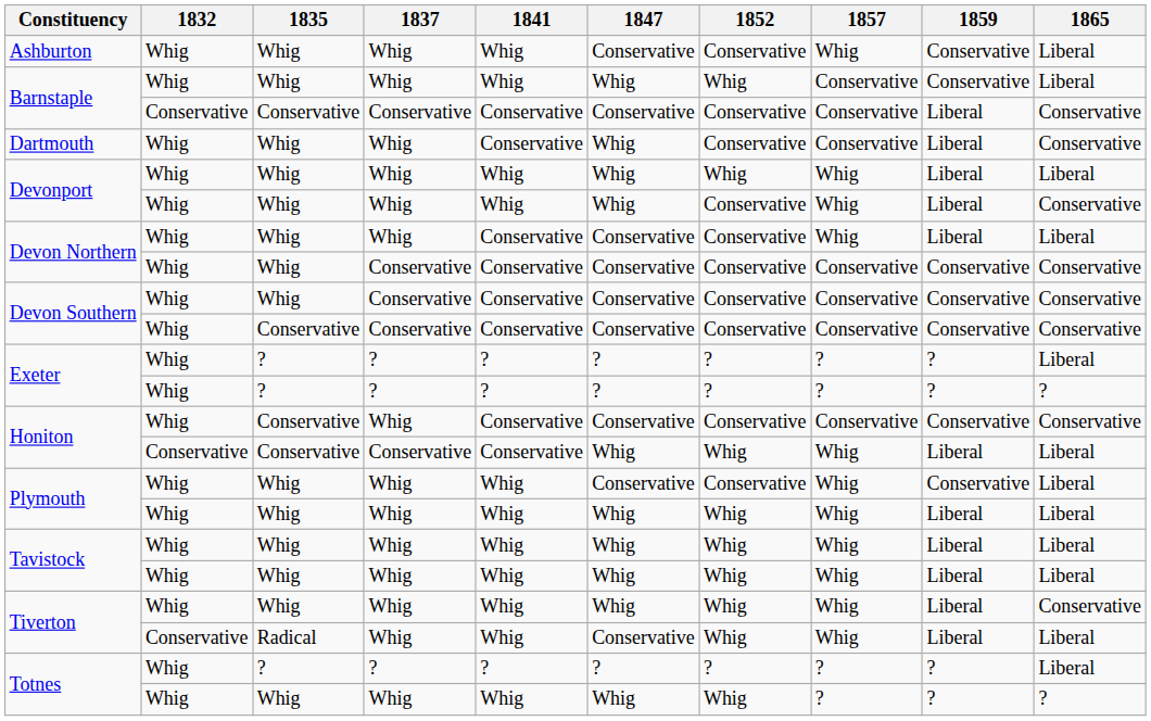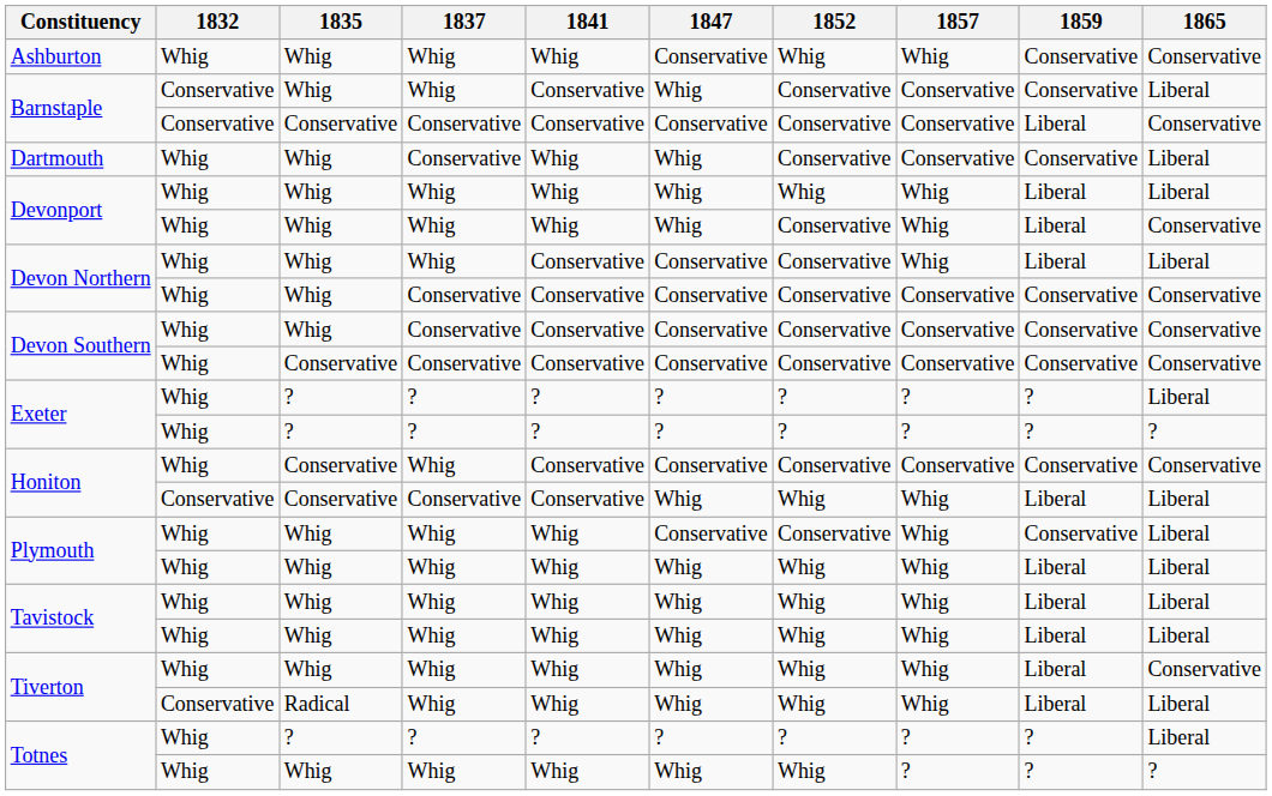 <table class=wikitable sortable>
 <tr>
 <th>Constituency</th>
 <th>1832</th>
 <th>1835</th>
 <th>1837</th>
 <th>1841</th>
 <th>1847</th>
 <th>1852</th>
 <th>1857</th>
 <th>1859</th>
 <th>1865</th>
 </tr>
 <tr>
 <td><a href='#'>Ashburton</a></td>
 <td bgcolor=>Whig</td>
 <td bgcolor=>Whig</td>
 <td bgcolor=>Whig</td>
 <td bgcolor=>Whig</td>
 <td bgcolor=>Conservative</td>
+<td bgcolor=>Whig</td>
+<td bgcolor=>Whig</td>
+<td bgcolor=>Conservative</td>
+<td bgcolor=>Conservative</td>
+</tr>
+<tr>
+<td rowspan=2><a href='#'>Barnstaple</a></td>
+<td bgcolor=>Conservative</td>
+<td bgcolor=>Whig</td>
+<td bgcolor=>Whig</td>
 <td bgcolor=>Conservative</td>
 <td bgcolor=>Whig</td>
 <td bgcolor=>Conservative</td>
-<td bgcolor=>Liberal</td>
-</tr>
-<tr>
-<td rowspan=2><a href='#'>Barnstaple</a></td>
-<td bgcolor=>Whig</td>
-<td bgcolor=>Whig</td>
-<td bgcolor=>Whig</td>
-<td bgcolor=>Whig</td>
-<td bgcolor=>Whig</td>
-<td bgcolor=>Whig</td>
 <td bgcolor=>Conservative</td>
 <td bgcolor=>Conservative</td>
 <td bgcolor=>Liberal</td>
 </tr>
 <tr>
 <td bgcolor=>Conservative</td>
 <td bgcolor=>Conservative</td>
 <td bgcolor=>Conservative</td>
 <td bgcolor=>Conservative</td>
 <td bgcolor=>Conservative</td>
 <td bgcolor=>Conservative</td>
 <td bgcolor=>Conservative</td>
 <td bgcolor=>Liberal</td>
 <td bgcolor=>Conservative</td>
 </tr>
 <tr>
 <td><a href='#'>Dartmouth</a></td>
 <td bgcolor=>Whig</td>
 <td bgcolor=>Whig</td>
+<td bgcolor=>Conservative</td>
 <td bgcolor=>Whig</td>
-<td bgcolor=>Conservative</td>
 <td bgcolor=>Whig</td>
 <td bgcolor=>Conservative</td>
 <td bgcolor=>Conservative</td>
+<td>Conservative</td>
 <td bgcolor=>Liberal</td>
-<td bgcolor=>Conservative</td>
 </tr>
 <tr>
 <td rowspan=2><a href='#'>Devonport</a></td>
 <td bgcolor=>Whig</td>
 <td bgcolor=>Whig</td>
 <td bgcolor=>Whig</td>
 <td bgcolor=>Whig</td>
 <td bgcolor=>Whig</td>
 <td bgcolor=>Whig</td>
 <td bgcolor=>Whig</td>
 <td bgcolor=>Liberal</td>
 <td bgcolor=>Liberal</td>
 </tr>
 <tr>
 <td bgcolor=>Whig</td>
 <td bgcolor=>Whig</td>
 <td bgcolor=>Whig</td>
 <td bgcolor=>Whig</td>
 <td bgcolor=>Whig</td>
 <td bgcolor=>Conservative</td>
 <td bgcolor=>Whig</td>
 <td bgcolor=>Liberal</td>
 <td bgcolor=>Conservative</td>
 </tr>
 <tr>
 <td rowspan=2><a href='#'>Devon Northern</a></td>
 <td bgcolor=>Whig</td>
 <td bgcolor=>Whig</td>
 <td bgcolor=>Whig</td>
 <td bgcolor=>Conservative</td>
 <td bgcolor=>Conservative</td>
 <td bgcolor=>Conservative</td>
 <td bgcolor=>Whig</td>
 <td bgcolor=>Liberal</td>
 <td bgcolor=>Liberal</td>
 </tr>
 <tr>
 <td bgcolor=>Whig</td>
 <td bgcolor=>Whig</td>
 <td bgcolor=>Conservative</td>
 <td bgcolor=>Conservative</td>
 <td bgcolor=>Conservative</td>
 <td bgcolor=>Conservative</td>
 <td bgcolor=>Conservative</td>
 <td bgcolor=>Conservative</td>
 <td bgcolor=>Conservative</td>
 </tr>
 <tr>
 <td rowspan=2><a href='#'>Devon Southern</a></td>
 <td bgcolor=>Whig</td>
 <td bgcolor=>Whig</td>
 <td bgcolor=>Conservative</td>
 <td bgcolor=>Conservative</td>
 <td bgcolor=>Conservative</td>
 <td bgcolor=>Conservative</td>
 <td bgcolor=>Conservative</td>
 <td bgcolor=>Conservative</td>
 <td bgcolor=>Conservative</td>
 </tr>
 <tr>
 <td bgcolor=>Whig</td>
 <td bgcolor=>Conservative</td>
 <td bgcolor=>Conservative</td>
 <td bgcolor=>Conservative</td>
 <td bgcolor=>Conservative</td>
 <td bgcolor=>Conservative</td>
 <td bgcolor=>Conservative</td>
 <td bgcolor=>Conservative</td>
 <td bgcolor=>Conservative</td>
 </tr>
 <tr>
 <td rowspan="2"><a href='#'>Exeter</a></td>
 <td>Whig</td>
 <td>?</td>
 <td>?</td>
 <td>?</td>
 <td>?</td>
 <td>?</td>
 <td>?</td>
 <td>?</td>
 <td>Liberal</td>
 </tr>
 <tr>
 <td>Whig</td>
 <td>?</td>
 <td>?</td>
 <td>?</td>
 <td>?</td>
 <td>?</td>
 <td>?</td>
 <td>?</td>
 <td>?</td>
 </tr>
 <tr>
 <td rowspan="2"><a href='#'>Honiton</a></td>
 <td>Whig</td>
 <td>Conservative</td>
 <td>Whig</td>
 <td>Conservative</td>
 <td>Conservative</td>
 <td>Conservative</td>
 <td>Conservative</td>
 <td>Conservative</td>
 <td>Conservative</td>
 </tr>
 <tr>
 <td bgcolor=>Conservative</td>
 <td bgcolor=>Conservative</td>
 <td bgcolor=>Conservative</td>
 <td bgcolor=>Conservative</td>
 <td bgcolor=>Whig</td>
 <td bgcolor=>Whig</td>
 <td bgcolor=>Whig</td>
 <td bgcolor=>Liberal</td>
 <td bgcolor=>Liberal</td>
 </tr>
 <tr>
 <td rowspan=2><a href='#'>Plymouth</a></td>
 <td bgcolor=>Whig</td>
 <td bgcolor=>Whig</td>
 <td bgcolor=>Whig</td>
 <td bgcolor=>Whig</td>
 <td bgcolor=>Conservative</td>
 <td bgcolor=>Conservative</td>
 <td bgcolor=>Whig</td>
 <td bgcolor=>Conservative</td>
 <td bgcolor=>Liberal</td>
 </tr>
 <tr>
 <td bgcolor=>Whig</td>
 <td bgcolor=>Whig</td>
 <td bgcolor=>Whig</td>
 <td bgcolor=>Whig</td>
 <td bgcolor=>Whig</td>
 <td bgcolor=>Whig</td>
 <td bgcolor=>Whig</td>
 <td bgcolor=>Liberal</td>
 <td bgcolor=>Liberal</td>
 </tr>
 <tr>
 <td rowspan=2><a href='#'>Tavistock</a></td>
 <td bgcolor=>Whig</td>
 <td bgcolor=>Whig</td>
 <td bgcolor=>Whig</td>
 <td bgcolor=>Whig</td>
 <td bgcolor=>Whig</td>
 <td bgcolor=>Whig</td>
 <td bgcolor=>Whig</td>
 <td bgcolor=>Liberal</td>
 <td bgcolor=>Liberal</td>
 </tr>
 <tr>
 <td bgcolor=>Whig</td>
 <td bgcolor=>Whig</td>
 <td bgcolor=>Whig</td>
 <td bgcolor=>Whig</td>
 <td bgcolor=>Whig</td>
 <td bgcolor=>Whig</td>
 <td bgcolor=>Whig</td>
 <td bgcolor=>Liberal</td>
 <td bgcolor=>Liberal</td>
 </tr>
 <tr>
 <td rowspan=2><a href='#'>Tiverton</a></td>
 <td bgcolor=>Whig</td>
 <td bgcolor=>Whig</td>
 <td bgcolor=>Whig</td>
 <td bgcolor=>Whig</td>
 <td bgcolor=>Whig</td>
 <td bgcolor=>Whig</td>
 <td bgcolor=>Whig</td>
 <td bgcolor=>Liberal</td>
 <td bgcolor=>Conservative</td>
 </tr>
 <tr>
 <td bgcolor=>Conservative</td>
 <td>Radical</td>
 <td bgcolor=>Whig</td>
 <td bgcolor=>Whig</td>
-<td bgcolor=>Conservative</td>
+<td bgcolor=>Whig</td>
 <td bgcolor=>Whig</td>
 <td bgcolor=>Whig</td>
 <td bgcolor=>Liberal</td>
 <td bgcolor=>Liberal</td>
 </tr>
 <tr>
 <td rowspan=2><a href='#'>Totnes</a></td>
 <td bgcolor=>Whig</td>
 <td>?</td>
 <td>?</td>
 <td>?</td>
 <td>?</td>
 <td>?</td>
 <td>?</td>
 <td>?</td>
 <td bgcolor=>Liberal</td>
 </tr>
 <tr>
 <td bgcolor=>Whig</td>
 <td bgcolor=>Whig</td>
 <td bgcolor=>Whig</td>
 <td bgcolor=>Whig</td>
 <td bgcolor=>Whig</td>
 <td bgcolor=>Whig</td>
 <td>?</td>
 <td>?</td>
 <td>?</td>
 </tr>
 </table>
